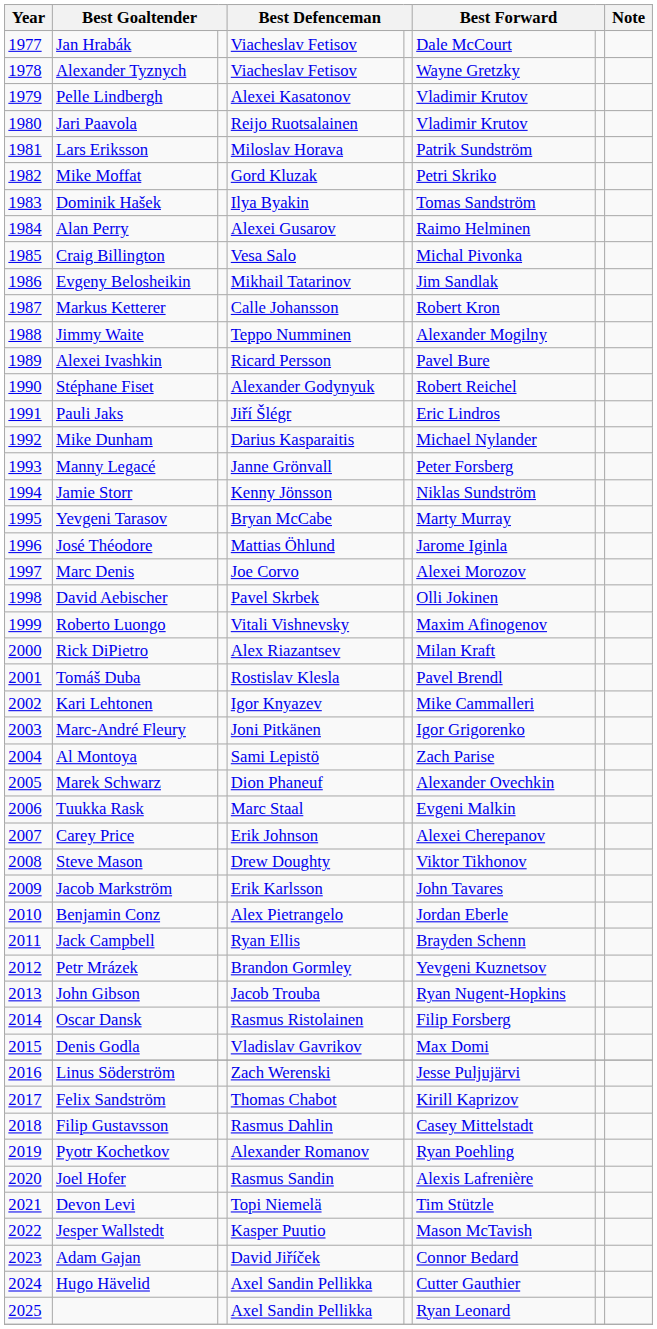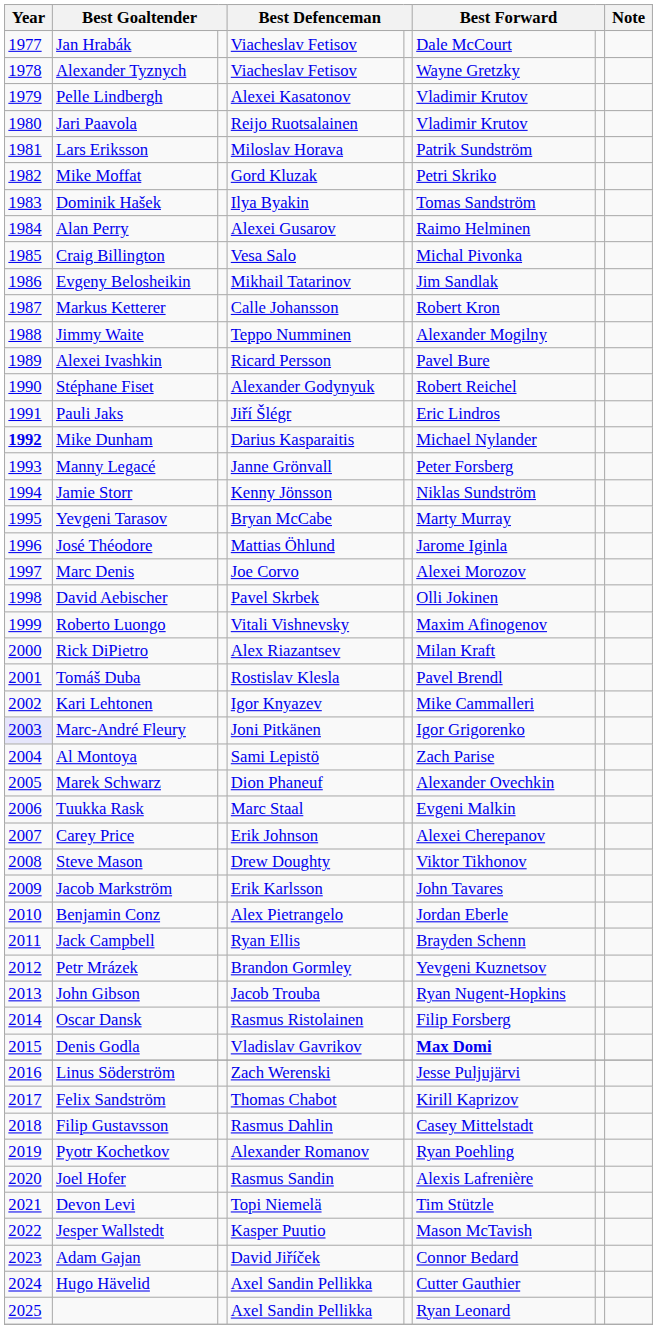 <table class="wikitable" width=100%>
 <tr>
 <th>Year</th>
 <th colspan="2">Best Goaltender</th>
 <th colspan="2">Best Defenceman</th>
 <th colspan="2">Best Forward</th>
 <th>Note</th>
 </tr>
 <tr>
 <td><a href='#'>1977</a></td>
 <td><a href='#'>Jan Hrabák</a></td>
 <td></td>
 <td><a href='#'>Viacheslav Fetisov</a></td>
 <td></td>
 <td><a href='#'>Dale McCourt</a></td>
 <td></td>
 <td></td>
 </tr>
 <tr>
 <td><a href='#'>1978</a></td>
 <td><a href='#'>Alexander Tyznych</a></td>
 <td></td>
 <td><a href='#'>Viacheslav Fetisov</a></td>
 <td></td>
 <td><a href='#'>Wayne Gretzky</a></td>
 <td></td>
 <td></td>
 </tr>
 <tr>
 <td><a href='#'>1979</a></td>
 <td><a href='#'>Pelle Lindbergh</a></td>
 <td></td>
 <td><a href='#'>Alexei Kasatonov</a></td>
 <td></td>
 <td><a href='#'>Vladimir Krutov</a></td>
 <td></td>
 <td></td>
 </tr>
 <tr>
 <td><a href='#'>1980</a></td>
 <td><a href='#'>Jari Paavola</a></td>
 <td></td>
 <td><a href='#'>Reijo Ruotsalainen</a></td>
 <td></td>
 <td><a href='#'>Vladimir Krutov</a></td>
 <td></td>
 <td></td>
 </tr>
 <tr>
 <td><a href='#'>1981</a></td>
 <td><a href='#'>Lars Eriksson</a></td>
 <td></td>
 <td><a href='#'>Miloslav Horava</a></td>
 <td></td>
 <td><a href='#'>Patrik Sundström</a></td>
 <td></td>
 <td></td>
 </tr>
 <tr>
 <td><a href='#'>1982</a></td>
 <td><a href='#'>Mike Moffat</a></td>
 <td></td>
 <td><a href='#'>Gord Kluzak</a></td>
 <td></td>
 <td><a href='#'>Petri Skriko</a></td>
 <td></td>
 <td></td>
 </tr>
 <tr>
 <td><a href='#'>1983</a></td>
 <td><a href='#'>Dominik Hašek</a></td>
 <td></td>
 <td><a href='#'>Ilya Byakin</a></td>
 <td></td>
 <td><a href='#'>Tomas Sandström</a></td>
 <td></td>
 <td></td>
 </tr>
 <tr>
 <td><a href='#'>1984</a></td>
 <td><a href='#'>Alan Perry</a></td>
 <td></td>
 <td><a href='#'>Alexei Gusarov</a></td>
 <td></td>
 <td><a href='#'>Raimo Helminen</a></td>
 <td></td>
 <td></td>
 </tr>
 <tr>
 <td><a href='#'>1985</a></td>
 <td><a href='#'>Craig Billington</a></td>
 <td></td>
 <td><a href='#'>Vesa Salo</a></td>
 <td></td>
 <td><a href='#'>Michal Pivonka</a></td>
 <td></td>
 <td></td>
 </tr>
 <tr>
 <td><a href='#'>1986</a></td>
 <td><a href='#'>Evgeny Belosheikin</a></td>
 <td></td>
 <td><a href='#'>Mikhail Tatarinov</a></td>
 <td></td>
 <td><a href='#'>Jim Sandlak</a></td>
 <td></td>
 <td></td>
 </tr>
 <tr>
 <td><a href='#'>1987</a></td>
 <td><a href='#'>Markus Ketterer</a></td>
 <td></td>
 <td><a href='#'>Calle Johansson</a></td>
 <td></td>
 <td><a href='#'>Robert Kron</a></td>
 <td></td>
 <td></td>
 </tr>
 <tr>
 <td><a href='#'>1988</a></td>
 <td><a href='#'>Jimmy Waite</a></td>
 <td></td>
 <td><a href='#'>Teppo Numminen</a></td>
 <td></td>
 <td><a href='#'>Alexander Mogilny</a></td>
 <td></td>
 <td></td>
 </tr>
 <tr>
 <td><a href='#'>1989</a></td>
 <td><a href='#'>Alexei Ivashkin</a></td>
 <td></td>
 <td><a href='#'>Ricard Persson</a></td>
 <td></td>
 <td><a href='#'>Pavel Bure</a></td>
 <td></td>
 <td></td>
 </tr>
 <tr>
 <td><a href='#'>1990</a></td>
 <td><a href='#'>Stéphane Fiset</a></td>
 <td></td>
 <td><a href='#'>Alexander Godynyuk</a></td>
 <td></td>
 <td><a href='#'>Robert Reichel</a></td>
 <td></td>
 <td></td>
 </tr>
 <tr>
 <td><a href='#'>1991</a></td>
 <td><a href='#'>Pauli Jaks</a></td>
 <td></td>
 <td><a href='#'>Jiří Šlégr</a></td>
 <td></td>
 <td><a href='#'>Eric Lindros</a></td>
 <td></td>
 <td></td>
 </tr>
 <tr>
-<td><a href='#'>1992</a></td>
+<td><strong><a href='#'>1992</a></strong></td>
 <td><a href='#'>Mike Dunham</a></td>
 <td></td>
 <td><a href='#'>Darius Kasparaitis</a></td>
 <td></td>
 <td><a href='#'>Michael Nylander</a></td>
 <td></td>
 <td></td>
 </tr>
 <tr>
 <td><a href='#'>1993</a></td>
 <td><a href='#'>Manny Legacé</a></td>
 <td></td>
 <td><a href='#'>Janne Grönvall</a></td>
 <td></td>
 <td><a href='#'>Peter Forsberg</a></td>
 <td></td>
 <td></td>
 </tr>
 <tr>
 <td><a href='#'>1994</a></td>
 <td><a href='#'>Jamie Storr</a></td>
 <td></td>
 <td><a href='#'>Kenny Jönsson</a></td>
 <td></td>
 <td><a href='#'>Niklas Sundström</a></td>
 <td></td>
 <td></td>
 </tr>
 <tr>
 <td><a href='#'>1995</a></td>
 <td><a href='#'>Yevgeni Tarasov</a></td>
 <td></td>
 <td><a href='#'>Bryan McCabe</a></td>
 <td></td>
 <td><a href='#'>Marty Murray</a></td>
 <td></td>
 <td></td>
 </tr>
 <tr>
 <td><a href='#'>1996</a></td>
 <td><a href='#'>José Théodore</a></td>
 <td></td>
 <td><a href='#'>Mattias Öhlund</a></td>
 <td></td>
 <td><a href='#'>Jarome Iginla</a></td>
 <td></td>
 <td></td>
 </tr>
 <tr>
 <td><a href='#'>1997</a></td>
 <td><a href='#'>Marc Denis</a></td>
 <td></td>
 <td><a href='#'>Joe Corvo</a></td>
 <td></td>
 <td><a href='#'>Alexei Morozov</a></td>
 <td></td>
 <td></td>
 </tr>
 <tr>
 <td><a href='#'>1998</a></td>
 <td><a href='#'>David Aebischer</a></td>
 <td></td>
 <td><a href='#'>Pavel Skrbek</a></td>
 <td></td>
 <td><a href='#'>Olli Jokinen</a></td>
 <td></td>
 <td></td>
 </tr>
 <tr>
 <td><a href='#'>1999</a></td>
 <td><a href='#'>Roberto Luongo</a></td>
 <td></td>
 <td><a href='#'>Vitali Vishnevsky</a></td>
 <td></td>
 <td><a href='#'>Maxim Afinogenov</a></td>
 <td></td>
 <td></td>
 </tr>
 <tr>
 <td><a href='#'>2000</a></td>
 <td><a href='#'>Rick DiPietro</a></td>
 <td></td>
 <td><a href='#'>Alex Riazantsev</a></td>
 <td></td>
 <td><a href='#'>Milan Kraft</a></td>
 <td></td>
 <td></td>
 </tr>
 <tr>
 <td><a href='#'>2001</a></td>
 <td><a href='#'>Tomáš Duba</a></td>
 <td></td>
 <td><a href='#'>Rostislav Klesla</a></td>
 <td></td>
 <td><a href='#'>Pavel Brendl</a></td>
 <td></td>
 <td></td>
 </tr>
 <tr>
 <td><a href='#'>2002</a></td>
 <td><a href='#'>Kari Lehtonen</a></td>
 <td></td>
 <td><a href='#'>Igor Knyazev</a></td>
 <td></td>
 <td><a href='#'>Mike Cammalleri</a></td>
 <td></td>
 <td></td>
 </tr>
 <tr>
-<td><a href='#'>2003</a></td>
+<td style="background: lavender;"><a href='#'>2003</a></td>
 <td><a href='#'>Marc-André Fleury</a></td>
 <td></td>
 <td><a href='#'>Joni Pitkänen</a></td>
 <td></td>
 <td><a href='#'>Igor Grigorenko</a></td>
 <td></td>
 <td></td>
 </tr>
 <tr>
 <td><a href='#'>2004</a></td>
 <td><a href='#'>Al Montoya</a></td>
 <td></td>
 <td><a href='#'>Sami Lepistö</a></td>
 <td></td>
 <td><a href='#'>Zach Parise</a></td>
 <td></td>
 <td></td>
 </tr>
 <tr>
 <td><a href='#'>2005</a></td>
 <td><a href='#'>Marek Schwarz</a></td>
 <td></td>
 <td><a href='#'>Dion Phaneuf</a></td>
 <td></td>
 <td><a href='#'>Alexander Ovechkin</a></td>
 <td></td>
 <td></td>
 </tr>
 <tr>
 <td><a href='#'>2006</a></td>
 <td><a href='#'>Tuukka Rask</a></td>
 <td></td>
 <td><a href='#'>Marc Staal</a></td>
 <td></td>
 <td><a href='#'>Evgeni Malkin</a></td>
 <td></td>
 <td></td>
 </tr>
 <tr>
 <td><a href='#'>2007</a></td>
 <td><a href='#'>Carey Price</a></td>
 <td></td>
 <td><a href='#'>Erik Johnson</a></td>
 <td></td>
 <td><a href='#'>Alexei Cherepanov</a></td>
 <td></td>
 <td></td>
 </tr>
 <tr>
 <td><a href='#'>2008</a></td>
 <td><a href='#'>Steve Mason</a></td>
 <td></td>
 <td><a href='#'>Drew Doughty</a></td>
 <td></td>
 <td><a href='#'>Viktor Tikhonov</a></td>
 <td></td>
 <td></td>
 </tr>
 <tr>
 <td><a href='#'>2009</a></td>
 <td><a href='#'>Jacob Markström</a></td>
 <td></td>
 <td><a href='#'>Erik Karlsson</a></td>
 <td></td>
 <td><a href='#'>John Tavares</a></td>
 <td></td>
 <td></td>
 </tr>
 <tr>
 <td><a href='#'>2010</a></td>
 <td><a href='#'>Benjamin Conz</a></td>
 <td></td>
 <td><a href='#'>Alex Pietrangelo</a></td>
 <td></td>
 <td><a href='#'>Jordan Eberle</a></td>
 <td></td>
 <td></td>
 </tr>
 <tr>
 <td><a href='#'>2011</a></td>
 <td><a href='#'>Jack Campbell</a></td>
 <td></td>
 <td><a href='#'>Ryan Ellis</a></td>
 <td></td>
 <td><a href='#'>Brayden Schenn</a></td>
 <td></td>
 <td></td>
 </tr>
 <tr>
 <td><a href='#'>2012</a></td>
 <td><a href='#'>Petr Mrázek</a></td>
 <td></td>
 <td><a href='#'>Brandon Gormley</a></td>
 <td></td>
 <td><a href='#'>Yevgeni Kuznetsov</a></td>
 <td></td>
 <td></td>
 </tr>
 <tr>
 <td><a href='#'>2013</a></td>
 <td><a href='#'>John Gibson</a></td>
 <td></td>
 <td><a href='#'>Jacob Trouba</a></td>
 <td></td>
 <td><a href='#'>Ryan Nugent-Hopkins</a></td>
 <td></td>
 <td></td>
 </tr>
 <tr>
 <td><a href='#'>2014</a></td>
 <td><a href='#'>Oscar Dansk</a></td>
 <td></td>
 <td><a href='#'>Rasmus Ristolainen</a></td>
 <td></td>
 <td><a href='#'>Filip Forsberg</a></td>
 <td></td>
 <td></td>
 </tr>
 <tr>
 <td><a href='#'>2015</a></td>
 <td><a href='#'>Denis Godla</a></td>
 <td></td>
 <td><a href='#'>Vladislav Gavrikov</a></td>
 <td></td>
-<td><a href='#'>Max Domi</a></td>
+<td><strong><a href='#'>Max Domi</a></strong></td>
 <td></td>
 <td></td>
 </tr>
 <tr>
 </tr>
 <tr>
 <td><a href='#'>2016</a></td>
 <td><a href='#'>Linus Söderström</a></td>
 <td></td>
 <td><a href='#'>Zach Werenski</a></td>
 <td></td>
 <td><a href='#'>Jesse Puljujärvi</a></td>
 <td></td>
 <td></td>
 </tr>
 <tr>
 <td><a href='#'>2017</a></td>
 <td><a href='#'>Felix Sandström</a></td>
 <td></td>
 <td><a href='#'>Thomas Chabot</a></td>
 <td></td>
 <td><a href='#'>Kirill Kaprizov</a></td>
 <td></td>
 <td></td>
 </tr>
 <tr>
 <td><a href='#'>2018</a></td>
 <td><a href='#'>Filip Gustavsson</a></td>
 <td></td>
 <td><a href='#'>Rasmus Dahlin</a></td>
 <td></td>
 <td><a href='#'>Casey Mittelstadt</a></td>
 <td></td>
 <td></td>
 </tr>
 <tr>
 <td><a href='#'>2019</a></td>
 <td><a href='#'>Pyotr Kochetkov</a></td>
 <td></td>
 <td><a href='#'>Alexander Romanov</a></td>
 <td></td>
 <td><a href='#'>Ryan Poehling</a></td>
 <td></td>
 <td></td>
 </tr>
 <tr>
 <td><a href='#'>2020</a></td>
 <td><a href='#'>Joel Hofer</a></td>
 <td></td>
 <td><a href='#'>Rasmus Sandin</a></td>
 <td></td>
 <td><a href='#'>Alexis Lafrenière</a></td>
 <td></td>
 <td></td>
 </tr>
 <tr>
 <td><a href='#'>2021</a></td>
 <td><a href='#'>Devon Levi</a></td>
 <td></td>
 <td><a href='#'>Topi Niemelä</a></td>
 <td></td>
 <td><a href='#'>Tim Stützle</a></td>
 <td></td>
 <td></td>
 </tr>
 <tr>
 <td><a href='#'>2022</a></td>
 <td><a href='#'>Jesper Wallstedt</a></td>
 <td></td>
 <td><a href='#'>Kasper Puutio</a></td>
 <td></td>
 <td><a href='#'>Mason McTavish</a></td>
 <td></td>
 <td></td>
 </tr>
 <tr>
 <td><a href='#'>2023</a></td>
 <td><a href='#'>Adam Gajan</a></td>
 <td></td>
 <td><a href='#'>David Jiříček</a></td>
 <td></td>
 <td><a href='#'>Connor Bedard</a></td>
 <td></td>
 <td></td>
 </tr>
 <tr>
 <td><a href='#'>2024</a></td>
 <td><a href='#'>Hugo Hävelid</a></td>
 <td></td>
 <td><a href='#'>Axel Sandin Pellikka</a></td>
 <td></td>
 <td><a href='#'>Cutter Gauthier</a></td>
 <td></td>
 <td></td>
 </tr>
 <tr>
 <td><a href='#'>2025</a></td>
 <td></td>
 <td></td>
 <td><a href='#'>Axel Sandin Pellikka</a></td>
 <td></td>
 <td><a href='#'>Ryan Leonard</a></td>
 <td></td>
 <td></td>
 </tr>
 <tr>
 </tr>
 </table>
